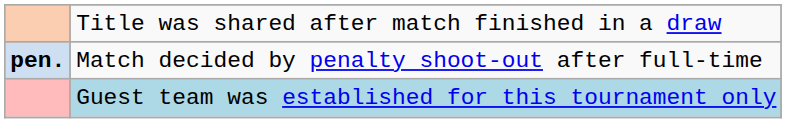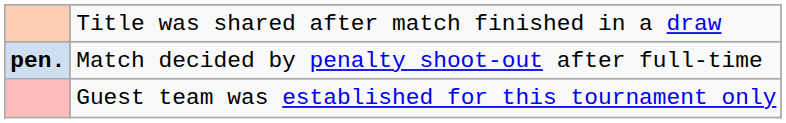 <table class="wikitable plainrowheaders">
 <tr>
 <th scope="row" style="text-align:center; background:#FBCEB1"></th>
 <td>Title was shared after match finished in a <a href='#'>draw</a></td>
 </tr>
 <tr>
 <th scope="row" style="text-align:center; background:#cedff2">pen.</th>
 <td>Match decided by <a href='#'>penalty shoot-out</a> after full-time</td>
 </tr>
 <tr>
 <th scope="row" style="text-align:center; background:#ffbbbb"></th>
-<td style="background: lightblue;">Guest team was <a href='#'>established for this tournament only</a></td>
+<td>Guest team was <a href='#'>established for this tournament only</a></td>
 </tr>
 </table>
